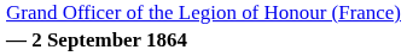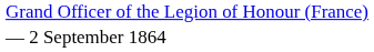 <table>
 <tr>
 <td rowspan=2 style="width:60px; vertical-align:top;"></td>
 <td><a href='#'>Grand Officer of the Legion of Honour (France)</a></td>
 </tr>
 <tr>
-<td><strong>— 2 September 1864</strong></td>
+<td>— 2 September 1864</td>
 </tr>
 </table>
